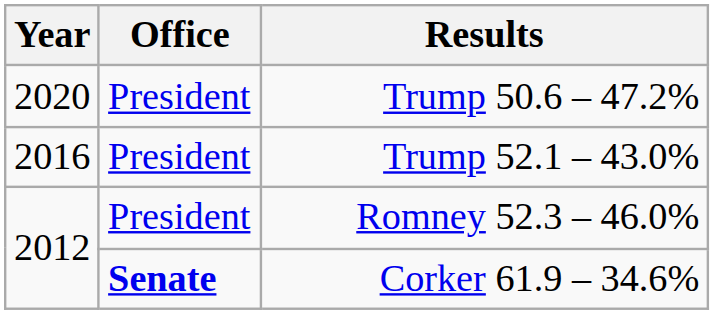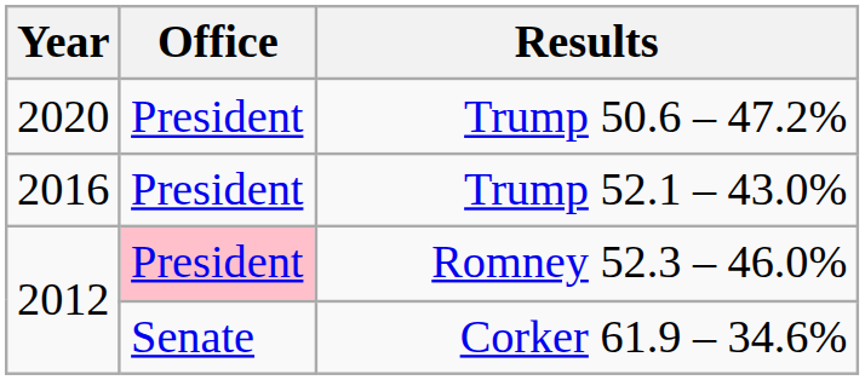 <table class=wikitable>
 <tr>
 <th width="30">Year</th>
 <th width="60">Office</th>
 <th width="180">Results</th>
 </tr>
 <tr>
 <td>2020</td>
 <td><a href='#'>President</a></td>
 <td align="right" ><a href='#'>Trump</a> 50.6 – 47.2%</td>
 </tr>
 <tr>
 <td>2016</td>
 <td><a href='#'>President</a></td>
 <td align="right" ><a href='#'>Trump</a> 52.1 – 43.0%</td>
 </tr>
 <tr>
 <td rowspan="2">2012</td>
-<td><a href='#'>President</a></td>
+<td style="background: pink;"><a href='#'>President</a></td>
 <td align="right" ><a href='#'>Romney</a> 52.3 – 46.0%</td>
 </tr>
 <tr>
-<td><strong><a href='#'>Senate</a></strong></td>
+<td><a href='#'>Senate</a></td>
 <td align="right" ><a href='#'>Corker</a> 61.9 – 34.6%</td>
 </tr>
 </table>
